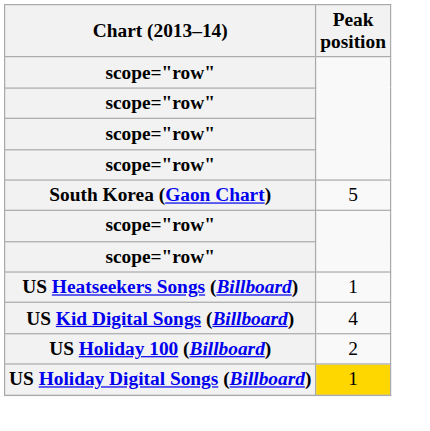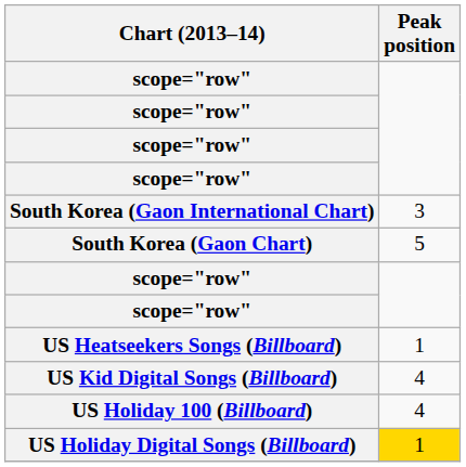 <table class="wikitable sortable plainrowheaders">
 <tr>
 <th>Chart (2013–14)</th>
 <th>Peak<br>position</th>
 </tr>
 <tr>
 <th>scope="row"</th>
 </tr>
 <tr>
 <th>scope="row"</th>
 </tr>
 <tr>
 <th>scope="row"</th>
 </tr>
 <tr>
 <th>scope="row"</th>
+</tr>
+<tr>
+<th scope="row">South Korea (<a href='#'>Gaon International Chart</a>)</th>
+<td style="text-align:center;">3</td>
 </tr>
 <tr>
 <th scope="row">South Korea (<a href='#'>Gaon Chart</a>)</th>
 <td style="text-align:center;">5</td>
 </tr>
 <tr>
 <th>scope="row"</th>
 </tr>
 <tr>
 <th>scope="row"</th>
 </tr>
 <tr>
 <th scope="row">US <a href='#'>Heatseekers Songs</a> (<em><a href='#'>Billboard</a></em>)</th>
 <td style="text-align:center;">1</td>
 </tr>
 <tr>
 <th scope="row">US <a href='#'>Kid Digital Songs</a> (<em><a href='#'>Billboard</a></em>)</th>
 <td align=center>4</td>
 </tr>
 <tr>
 <th scope="row">US <a href='#'>Holiday 100</a> (<em><a href='#'>Billboard</a></em>)</th>
-<td align="center">2</td>
+<td align="center">4</td>
 </tr>
 <tr>
 <th scope="row">US <a href='#'>Holiday Digital Songs</a> (<em><a href='#'>Billboard</a></em>)</th>
 <td align="center" style="background: gold;">1</td>
 </tr>
 <tr>
 </tr>
 </table>
